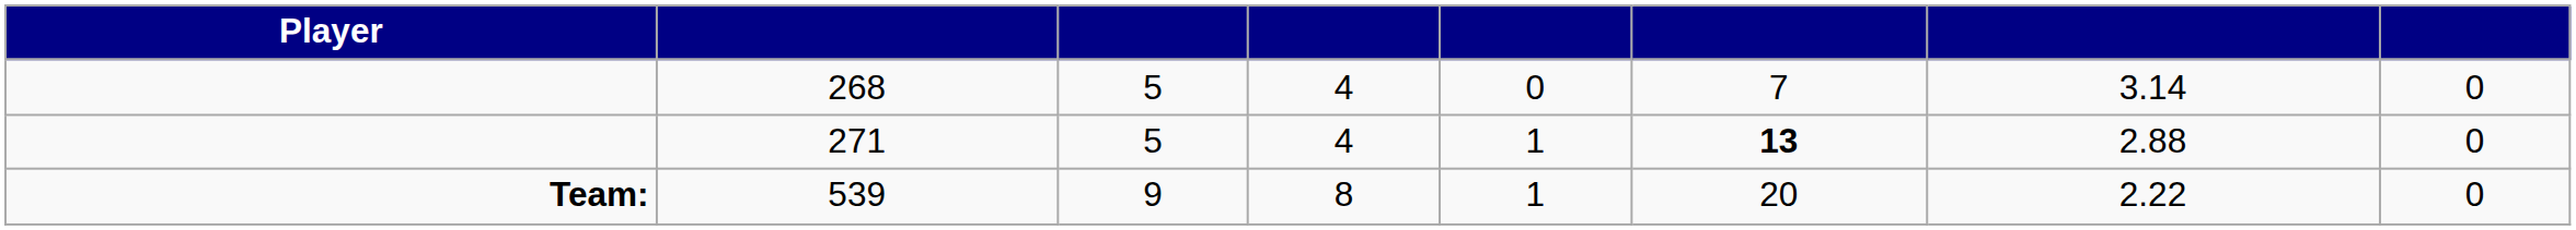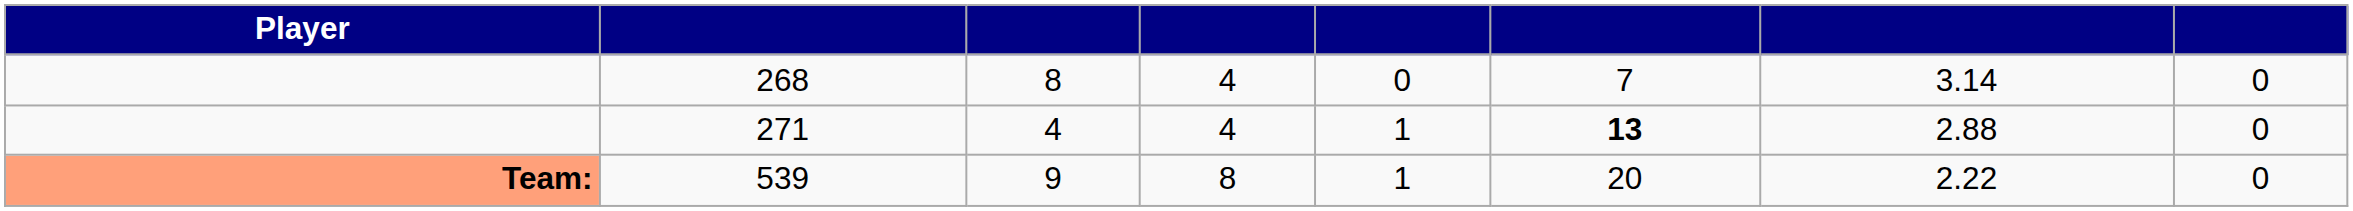 <table style="width:60%;" class="wikitable sortable">
 <tr>
 <th style="color:white; background:#000084; ">Player</th>
 <th style="color:white; background:#000084; "></th>
 <th style="color:white; background:#000084; "></th>
 <th style="color:white; background:#000084; "></th>
 <th style="color:white; background:#000084; "></th>
 <th style="color:white; background:#000084; "></th>
 <th style="color:white; background:#000084; "></th>
 <th style="color:white; background:#000084; "></th>
 </tr>
 <tr align="center">
 <td align="right"></td>
 <td>268</td>
-<td>5</td>
+<td>8</td>
 <td>4</td>
 <td>0</td>
 <td>7</td>
 <td>3.14</td>
 <td>0</td>
 </tr>
 <tr align="center">
 <td align="right"></td>
 <td>271</td>
-<td>5</td>
+<td>4</td>
 <td>4</td>
 <td>1</td>
 <td><strong>13</strong></td>
 <td>2.88</td>
 <td>0</td>
 </tr>
 <tr align="center">
-<td align="right"><strong>Team:</strong></td>
+<td align="right" style="background: lightsalmon;"><strong>Team:</strong></td>
 <td>539</td>
 <td>9</td>
 <td>8</td>
 <td>1</td>
 <td>20</td>
 <td>2.22</td>
 <td>0</td>
 </tr>
 </table>
